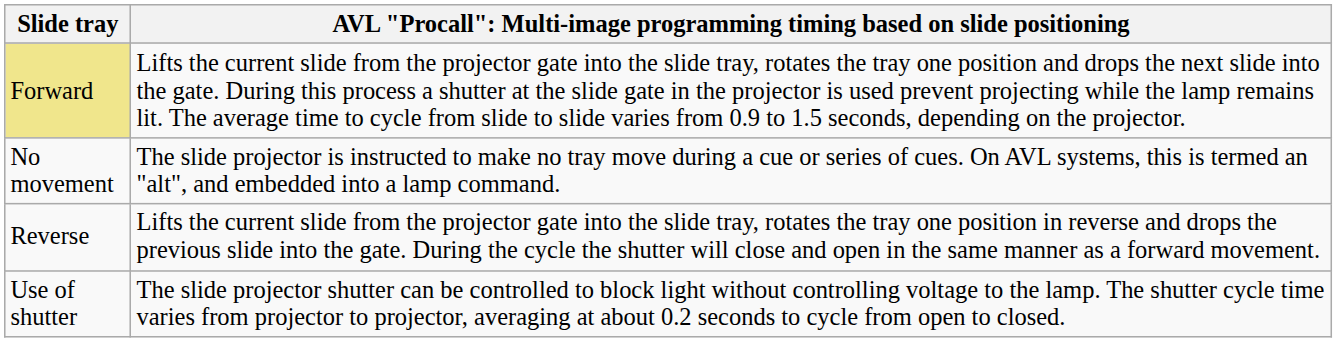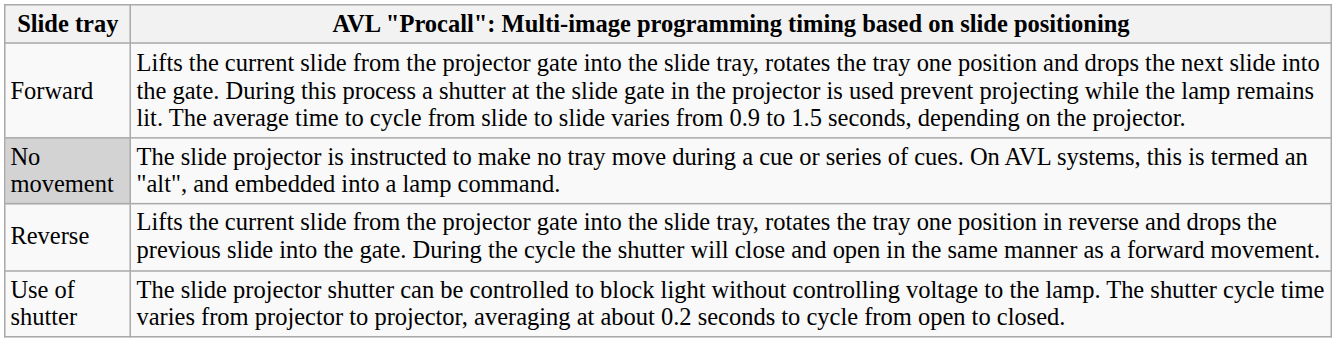 <table class="wikitable">
 <tr>
 <th>Slide tray</th>
 <th>AVL "Procall": Multi-image programming timing based on slide positioning</th>
 </tr>
 <tr>
-<td style="background: khaki;">Forward</td>
+<td>Forward</td>
 <td>Lifts the current slide from the projector gate into the slide tray, rotates the tray one position and drops the next slide into the gate. During this process a shutter at the slide gate in the projector is used prevent projecting while the lamp remains lit. The average time to cycle from slide to slide varies from 0.9 to 1.5 seconds, depending on the projector.</td>
 </tr>
 <tr>
-<td>No movement</td>
+<td style="background: lightgrey;">No movement</td>
 <td>The slide projector is instructed to make no tray move during a cue or series of cues. On AVL systems, this is termed an "alt", and embedded into a lamp command.</td>
 </tr>
 <tr>
 <td>Reverse</td>
 <td>Lifts the current slide from the projector gate into the slide tray, rotates the tray one position in reverse and drops the previous slide into the gate. During the cycle the shutter will close and open in the same manner as a forward movement.</td>
 </tr>
 <tr>
 <td>Use of shutter</td>
 <td>The slide projector shutter can be controlled to block light without controlling voltage to the lamp. The shutter cycle time varies from projector to projector, averaging at about 0.2 seconds to cycle from open to closed.</td>
 </tr>
 </table>
